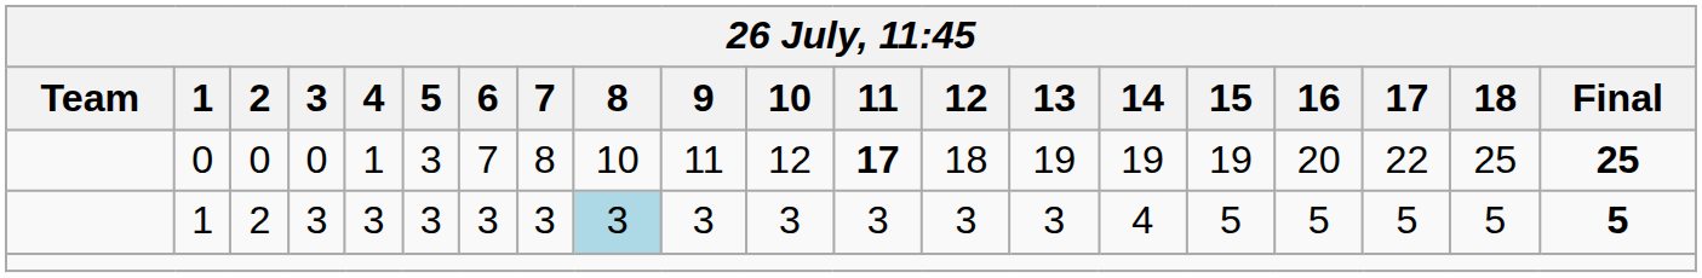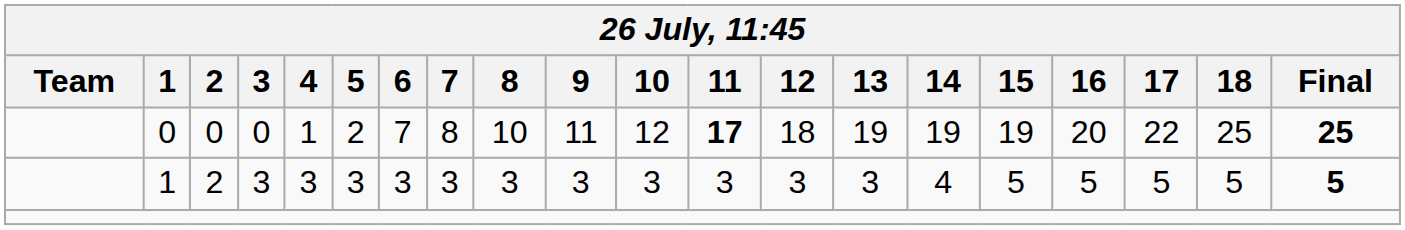 <table class=wikitable style="text-align:center; width: 55%">
 <tr>
 <th colspan=20><em>26 July, 11:45</em></th>
 </tr>
 <tr>
 <th>Team</th>
 <th>1</th>
 <th>2</th>
 <th>3</th>
 <th>4</th>
 <th>5</th>
 <th>6</th>
 <th>7</th>
 <th>8</th>
 <th>9</th>
 <th>10</th>
 <th>11</th>
 <th>12</th>
 <th>13</th>
 <th>14</th>
 <th>15</th>
 <th>16</th>
 <th>17</th>
 <th>18</th>
 <th>Final</th>
 </tr>
 <tr>
 <td align=left><strong></strong></td>
 <td>0</td>
 <td>0</td>
 <td>0</td>
 <td>1</td>
-<td>3</td>
+<td>2</td>
 <td>7</td>
 <td>8</td>
 <td>10</td>
 <td>11</td>
 <td>12</td>
 <td><strong>17</strong></td>
 <td>18</td>
 <td>19</td>
 <td>19</td>
 <td>19</td>
 <td>20</td>
 <td>22</td>
 <td>25</td>
 <td><strong>25</strong></td>
 </tr>
 <tr>
 <td align=left></td>
 <td>1</td>
 <td>2</td>
 <td>3</td>
 <td>3</td>
 <td>3</td>
 <td>3</td>
 <td>3</td>
-<td style="background: lightblue;">3</td>
+<td>3</td>
 <td>3</td>
 <td>3</td>
 <td>3</td>
 <td>3</td>
 <td>3</td>
 <td>4</td>
 <td>5</td>
 <td>5</td>
 <td>5</td>
 <td>5</td>
 <td><strong>5</strong></td>
 </tr>
 <tr>
 <td colspan=20></td>
 </tr>
 </table>
